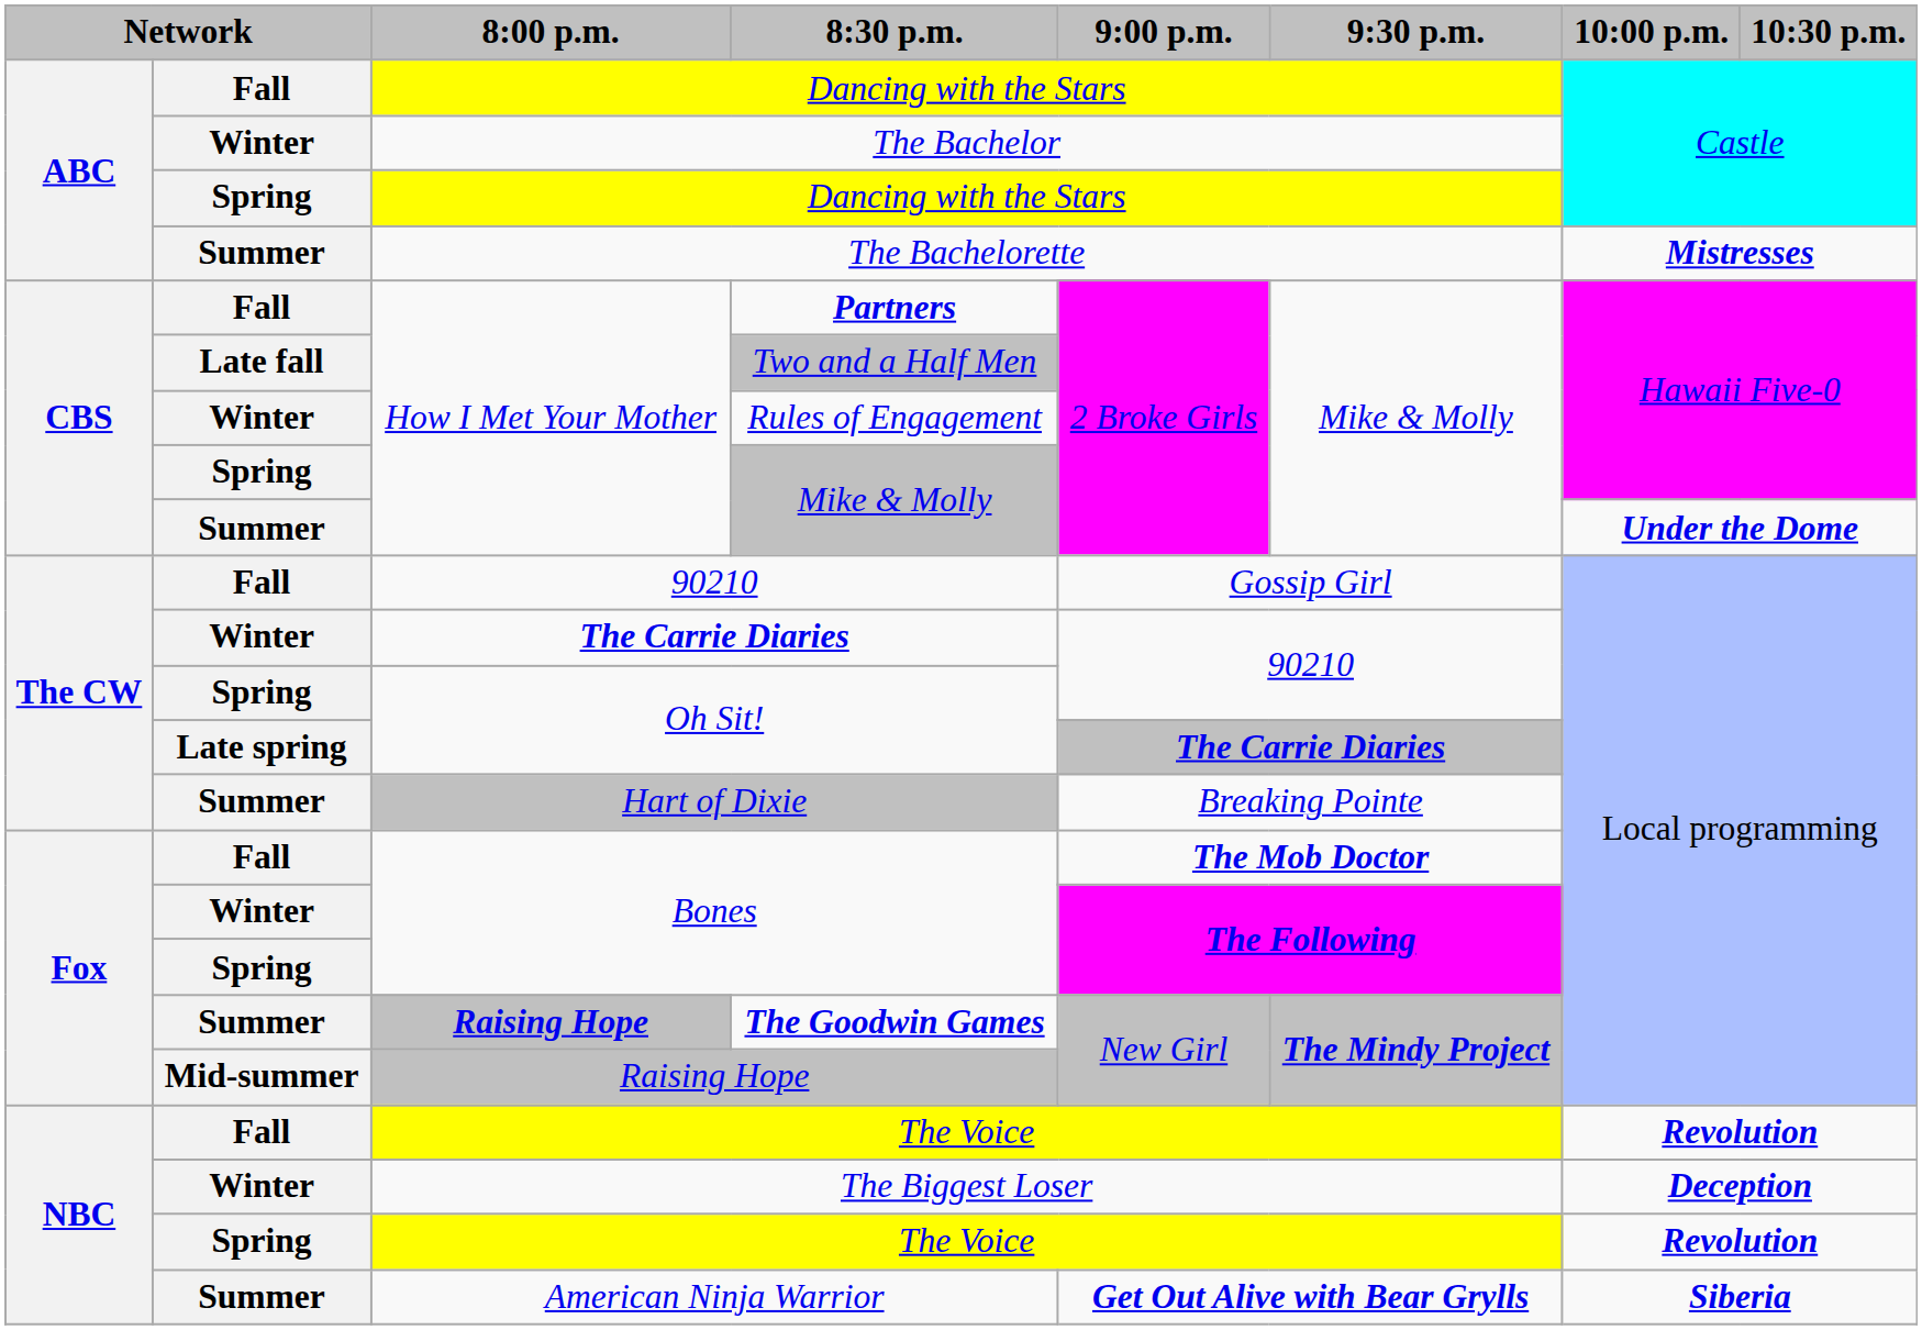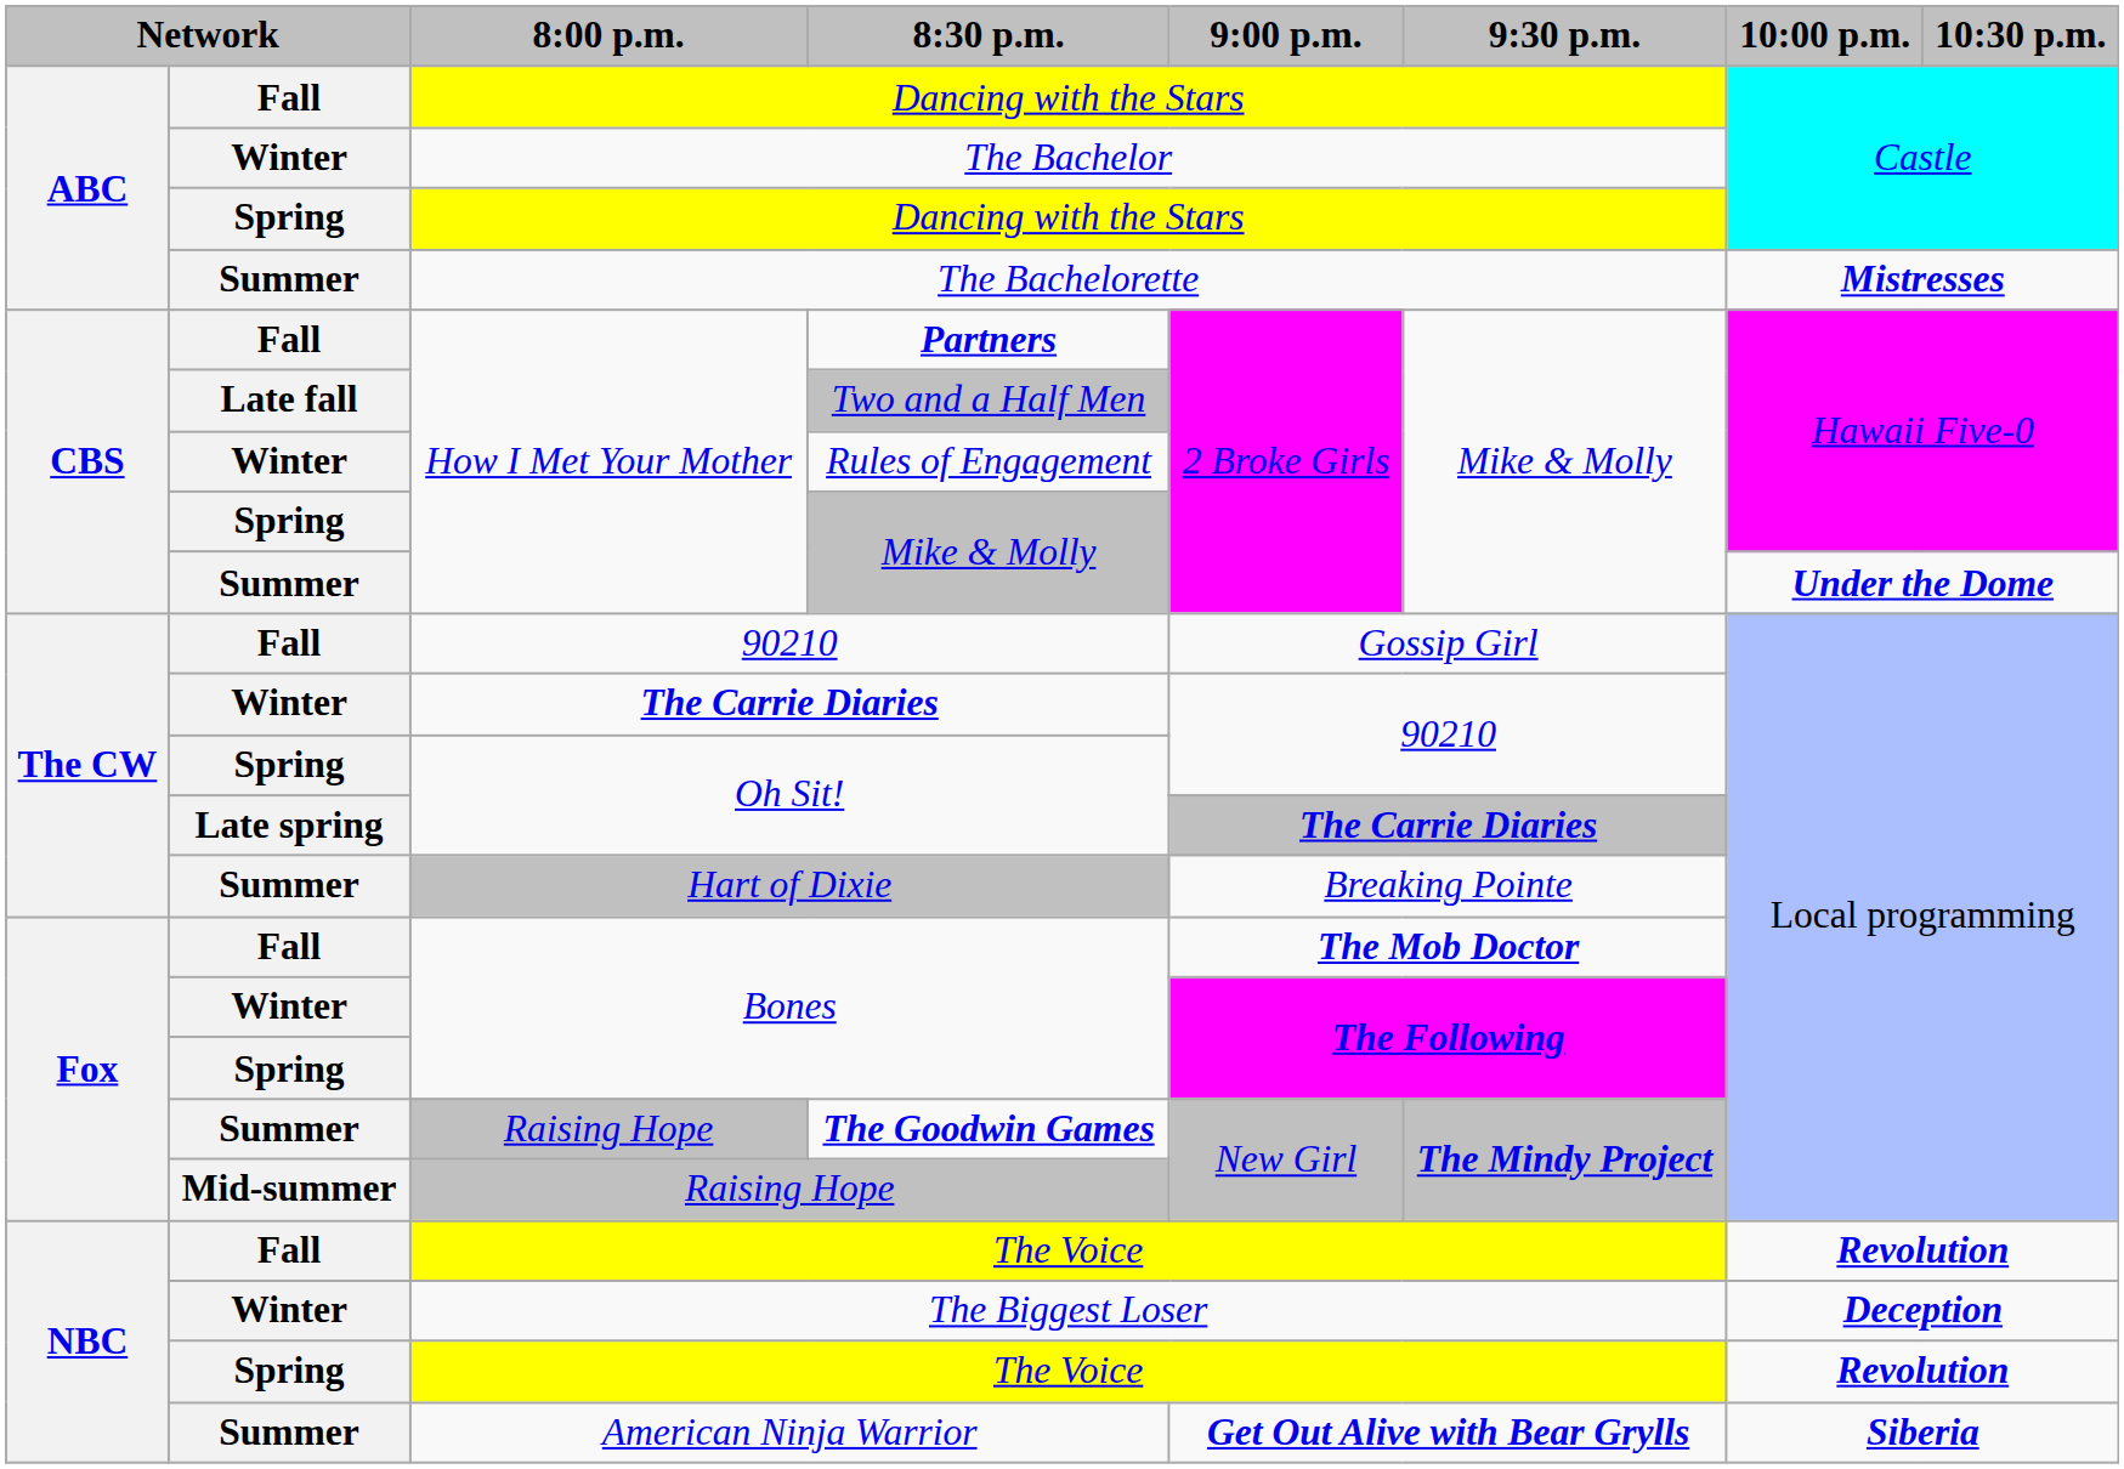 <table class="wikitable" style="width:100%;margin-right:0;text-align:center">
 <tr>
 <th colspan="2" style="background-color:#C0C0C0;text-align:center">Network</th>
 <th style="background-color:#C0C0C0;text-align:center">8:00 p.m.</th>
 <th style="background-color:#C0C0C0;text-align:center">8:30 p.m.</th>
 <th style="background-color:#C0C0C0;text-align:center">9:00 p.m.</th>
 <th style="background-color:#C0C0C0;text-align:center">9:30 p.m.</th>
 <th style="background-color:#C0C0C0;text-align:center">10:00 p.m.</th>
 <th style="background-color:#C0C0C0;text-align:center">10:30 p.m.</th>
 </tr>
 <tr>
 <th rowspan="4"><a href='#'>ABC</a></th>
 <th>Fall</th>
 <td style="background:#FFFF00;" colspan="4"><em><a href='#'>Dancing with the Stars</a></em> </td>
 <td style="background:#00FFFF;" colspan="2" rowspan="3"><em><a href='#'>Castle</a></em> </td>
 </tr>
 <tr>
 <th>Winter</th>
 <td colspan="4"><em><a href='#'>The Bachelor</a></em></td>
 </tr>
 <tr>
 <th>Spring</th>
 <td style="background:#FFFF00;" colspan="4"><em><a href='#'>Dancing with the Stars</a></em> </td>
 </tr>
 <tr>
 <th>Summer</th>
 <td colspan="4"><em><a href='#'>The Bachelorette</a></em></td>
 <td colspan="2"><strong><em><a href='#'>Mistresses</a></em></strong></td>
 </tr>
 <tr>
 <th rowspan="5"><a href='#'>CBS</a></th>
 <th>Fall</th>
 <td rowspan="5"><em><a href='#'>How I Met Your Mother</a></em></td>
 <td><strong><em><a href='#'>Partners</a></em></strong></td>
 <td style="background:#FF00FF;" rowspan="5"><em><a href='#'>2 Broke Girls</a></em> </td>
 <td rowspan="5"><em><a href='#'>Mike & Molly</a></em></td>
 <td style="background:#FF00FF;" rowspan="4" colspan="2"><em><a href='#'>Hawaii Five-0</a></em> </td>
 </tr>
 <tr>
 <th>Late fall</th>
 <td style="background:#C0C0C0;"><em><a href='#'>Two and a Half Men</a></em> </td>
 </tr>
 <tr>
 <th>Winter</th>
 <td><em><a href='#'>Rules of Engagement</a></em></td>
 </tr>
 <tr>
 <th>Spring</th>
 <td rowspan="2" style="background:#C0C0C0;"><em><a href='#'>Mike & Molly</a></em> </td>
 </tr>
 <tr>
 <th>Summer</th>
 <td colspan="2"><strong><em><a href='#'>Under the Dome</a></em></strong></td>
 </tr>
 <tr>
 <th rowspan="5"><a href='#'>The CW</a></th>
 <th>Fall</th>
 <td colspan="2"><em><a href='#'>90210</a></em></td>
 <td colspan="2"><em><a href='#'>Gossip Girl</a></em></td>
 <td style="background:#abbfff;" colspan="2" rowspan="10">Local programming</td>
 </tr>
 <tr>
 <th>Winter</th>
 <td colspan="2"><strong><em><a href='#'>The Carrie Diaries</a></em></strong></td>
 <td rowspan="2" colspan="2"><em><a href='#'>90210</a></em></td>
 </tr>
 <tr>
 <th>Spring</th>
 <td rowspan="2" colspan="2"><em><a href='#'>Oh Sit!</a></em></td>
 </tr>
 <tr>
 <th>Late spring</th>
 <td colspan="2" style="background:#C0C0C0;"><strong><em><a href='#'>The Carrie Diaries</a></em></strong> </td>
 </tr>
 <tr>
 <th>Summer</th>
 <td colspan="2" style="background:#C0C0C0;"><em><a href='#'>Hart of Dixie</a></em> </td>
 <td colspan="2"><em><a href='#'>Breaking Pointe</a></em></td>
 </tr>
 <tr>
 <th rowspan="5"><a href='#'>Fox</a></th>
 <th>Fall</th>
 <td rowspan="3" colspan="2"><em><a href='#'>Bones</a></em></td>
 <td colspan="2"><strong><em><a href='#'>The Mob Doctor</a></em></strong></td>
 </tr>
 <tr>
 <th>Winter</th>
 <td style="background:#FF00FF;" rowspan="2" colspan="2"><strong><em><a href='#'>The Following</a></em></strong> </td>
 </tr>
 <tr>
 <th>Spring</th>
 </tr>
 <tr>
 <th>Summer</th>
-<td style="background:#C0C0C0;"><strong><em><a href='#'>Raising Hope</a></em> </strong></td>
+<td style="background:#C0C0C0;"><em><a href='#'>Raising Hope</a></em> </td>
 <td><strong><em><a href='#'>The Goodwin Games</a></em></strong></td>
 <td rowspan="2" style="background:#C0C0C0;"><em><a href='#'>New Girl</a></em> </td>
 <td rowspan="2" style="background:#C0C0C0;"><strong><em><a href='#'>The Mindy Project</a></em></strong> </td>
 </tr>
 <tr>
 <th>Mid-summer</th>
 <td colspan="2" style="background:#C0C0C0;"><em><a href='#'>Raising Hope</a></em> </td>
 </tr>
 <tr>
 <th rowspan="4"><a href='#'>NBC</a></th>
 <th>Fall</th>
 <td style="background:#FFFF00;" colspan="4"><em><a href='#'>The Voice</a></em> </td>
 <td colspan="2"><strong><em><a href='#'>Revolution</a></em></strong></td>
 </tr>
 <tr>
 <th>Winter</th>
 <td colspan="4"><em><a href='#'>The Biggest Loser</a></em></td>
 <td colspan="2"><strong><em><a href='#'>Deception</a></em></strong></td>
 </tr>
 <tr>
 <th>Spring</th>
 <td style="background:#FFFF00;" colspan="4"><em><a href='#'>The Voice</a></em> </td>
 <td colspan="2"><strong><em><a href='#'>Revolution</a></em></strong></td>
 </tr>
 <tr>
 <th>Summer</th>
 <td colspan="2"><em><a href='#'>American Ninja Warrior</a></em></td>
 <td colspan="2"><strong><em><a href='#'>Get Out Alive with Bear Grylls</a></em></strong></td>
 <td colspan="2"><strong><em><a href='#'>Siberia</a></em></strong></td>
 </tr>
 </table>
